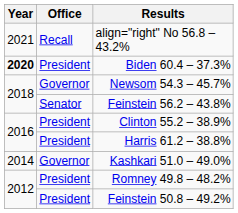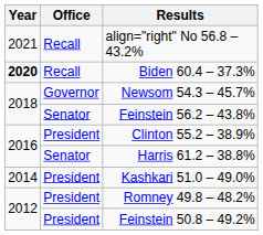 <table class=wikitable>
 <tr>
 <th width="30">Year</th>
 <th width="60">Office</th>
 <th width="180">Results</th>
 </tr>
 <tr>
 <td>2021</td>
 <td><a href='#'>Recall</a></td>
 <td>align="right"  No 56.8 – 43.2%</td>
 </tr>
 <tr>
 <td rowspan="1"><strong>2020</strong></td>
-<td><a href='#'>President</a></td>
+<td><a href='#'>Recall</a></td>
 <td align="right" ><a href='#'>Biden</a> 60.4 – 37.3%</td>
 </tr>
 <tr>
 <td rowspan="2">2018</td>
 <td><a href='#'>Governor</a></td>
 <td align="right" ><a href='#'>Newsom</a> 54.3 – 45.7%</td>
 </tr>
 <tr>
 <td><a href='#'>Senator</a></td>
 <td align="right" ><a href='#'>Feinstein</a> 56.2 – 43.8%</td>
 </tr>
 <tr>
 <td rowspan="2">2016</td>
 <td><a href='#'>President</a></td>
 <td align="right" ><a href='#'>Clinton</a> 55.2 – 38.9%</td>
 </tr>
 <tr>
-<td><a href='#'>President</a></td>
+<td><a href='#'>Senator</a></td>
 <td align="right" ><a href='#'>Harris</a> 61.2 – 38.8%</td>
 </tr>
 <tr>
 <td>2014</td>
-<td><a href='#'>Governor</a></td>
+<td><a href='#'>President</a></td>
 <td align="right" ><a href='#'>Kashkari</a> 51.0 – 49.0%</td>
 </tr>
 <tr>
 <td rowspan="2">2012</td>
 <td><a href='#'>President</a></td>
 <td align="right" ><a href='#'>Romney</a> 49.8 – 48.2%</td>
 </tr>
 <tr>
 <td><a href='#'>President</a></td>
 <td align="right" ><a href='#'>Feinstein</a> 50.8 – 49.2%</td>
 </tr>
 </table>
